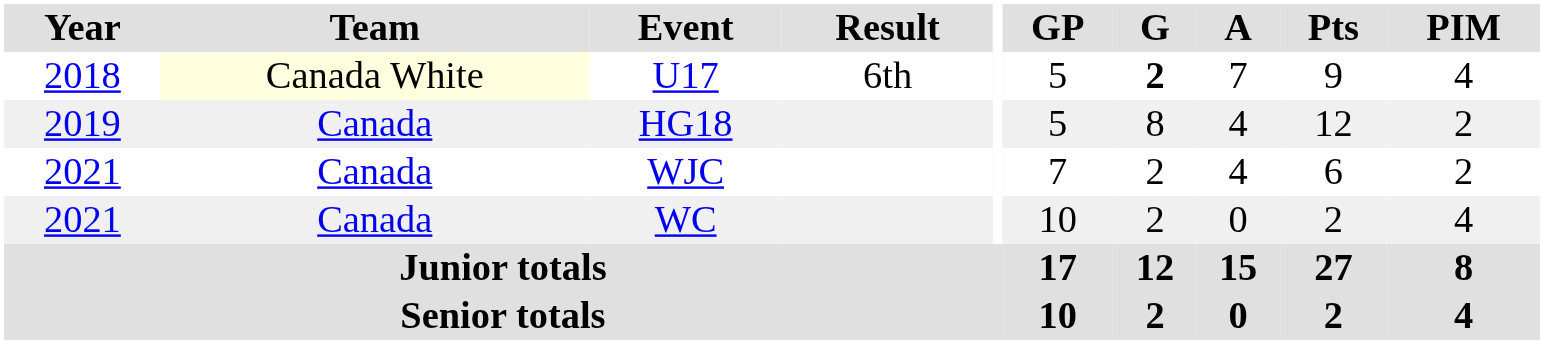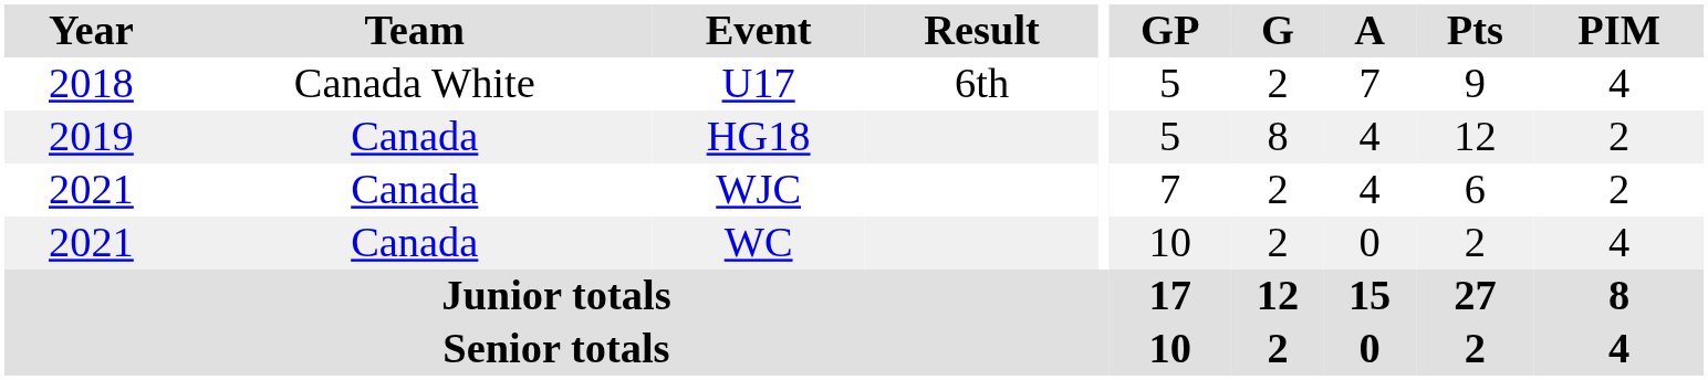 <table border="0" cellpadding="1" cellspacing="0" ID="Table3" style="text-align:center; width:40em;">
 <tr bgcolor="#e0e0e0">
 <th>Year</th>
 <th>Team</th>
 <th>Event</th>
 <th>Result</th>
 <th rowspan="98" bgcolor="#ffffff"></th>
 <th>GP</th>
 <th>G</th>
 <th>A</th>
 <th>Pts</th>
 <th>PIM</th>
 </tr>
 <tr>
 <td><a href='#'>2018</a></td>
-<td style="background: lightyellow;">Canada White</td>
+<td>Canada White</td>
 <td><a href='#'>U17</a></td>
 <td>6th</td>
 <td>5</td>
-<td><strong>2</strong></td>
+<td>2</td>
 <td>7</td>
 <td>9</td>
 <td>4</td>
 </tr>
 <tr bgcolor="#f0f0f0">
 <td><a href='#'>2019</a></td>
 <td><a href='#'>Canada</a></td>
 <td><a href='#'>HG18</a></td>
 <td></td>
 <td>5</td>
 <td>8</td>
 <td>4</td>
 <td>12</td>
 <td>2</td>
 </tr>
 <tr>
 <td><a href='#'>2021</a></td>
 <td><a href='#'>Canada</a></td>
 <td><a href='#'>WJC</a></td>
 <td></td>
 <td>7</td>
 <td>2</td>
 <td>4</td>
 <td>6</td>
 <td>2</td>
 </tr>
 <tr bgcolor="#f0f0f0">
 <td><a href='#'>2021</a></td>
 <td><a href='#'>Canada</a></td>
 <td><a href='#'>WC</a></td>
 <td></td>
 <td>10</td>
 <td>2</td>
 <td>0</td>
 <td>2</td>
 <td>4</td>
 </tr>
 <tr bgcolor="#e0e0e0">
 <th colspan="5">Junior totals</th>
 <th>17</th>
 <th>12</th>
 <th>15</th>
 <th>27</th>
 <th>8</th>
 </tr>
 <tr bgcolor="#e0e0e0">
 <th colspan="5">Senior totals</th>
 <th>10</th>
 <th>2</th>
 <th>0</th>
 <th>2</th>
 <th>4</th>
 </tr>
 </table>
